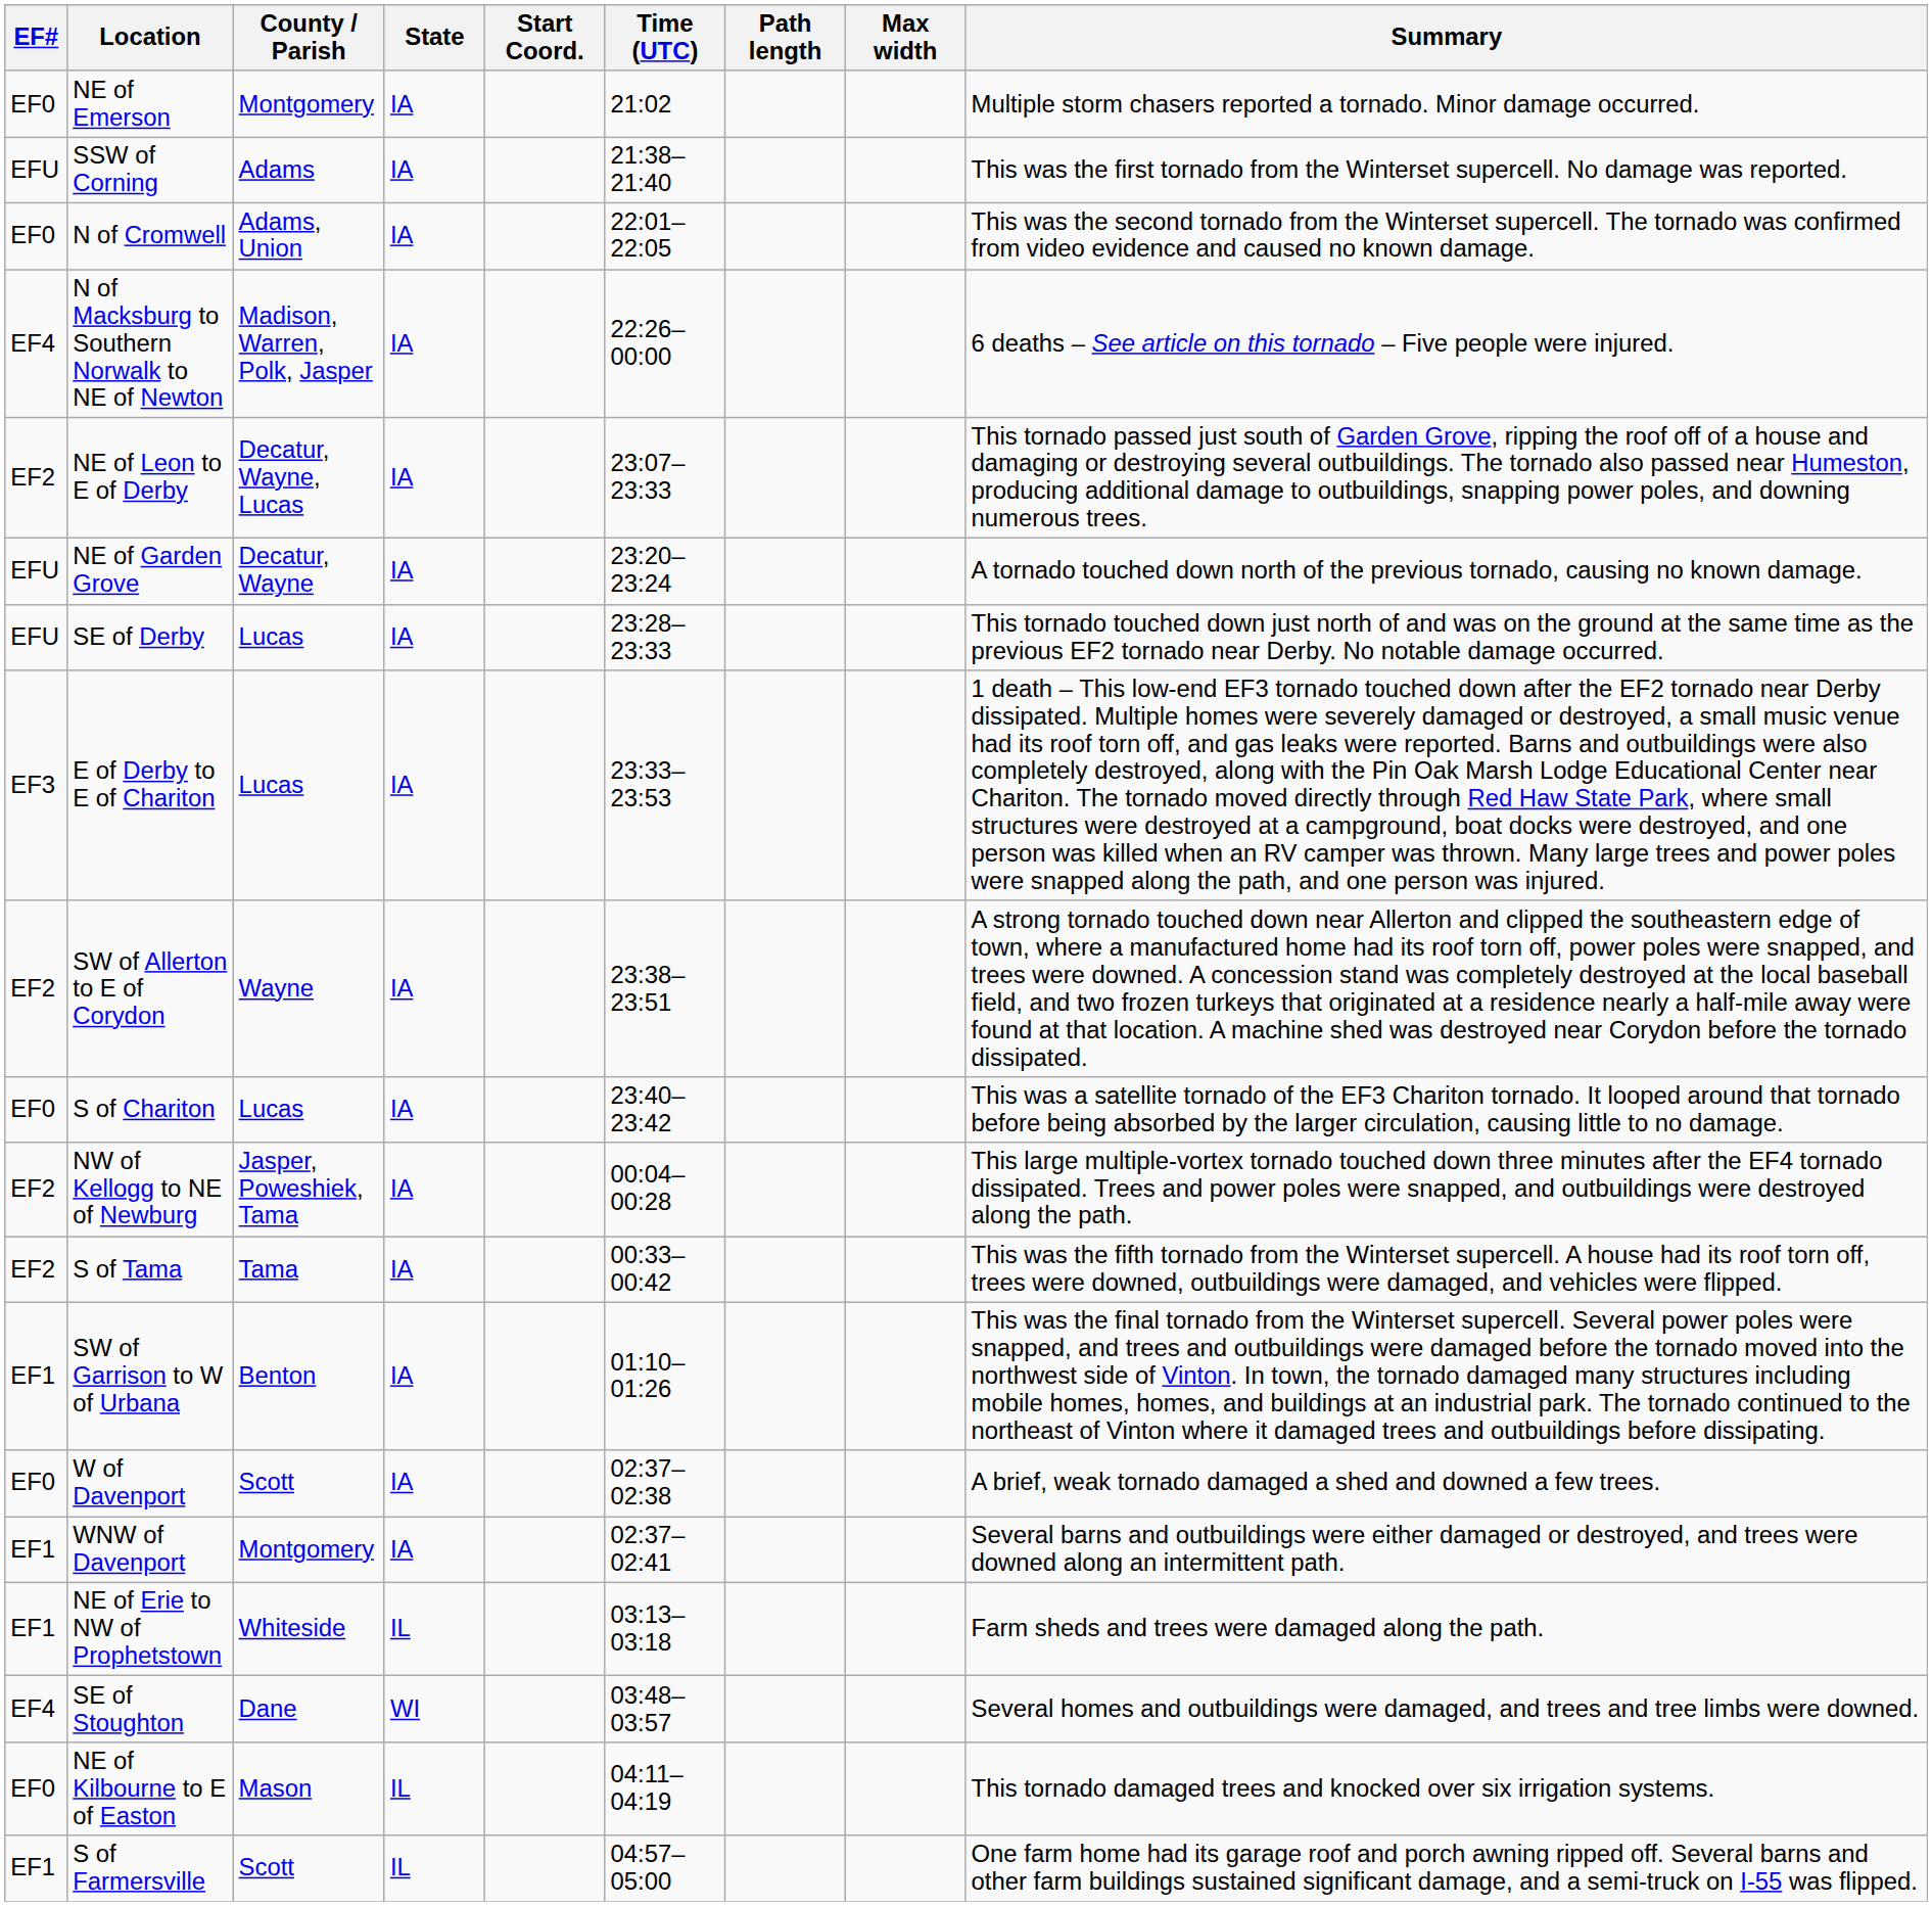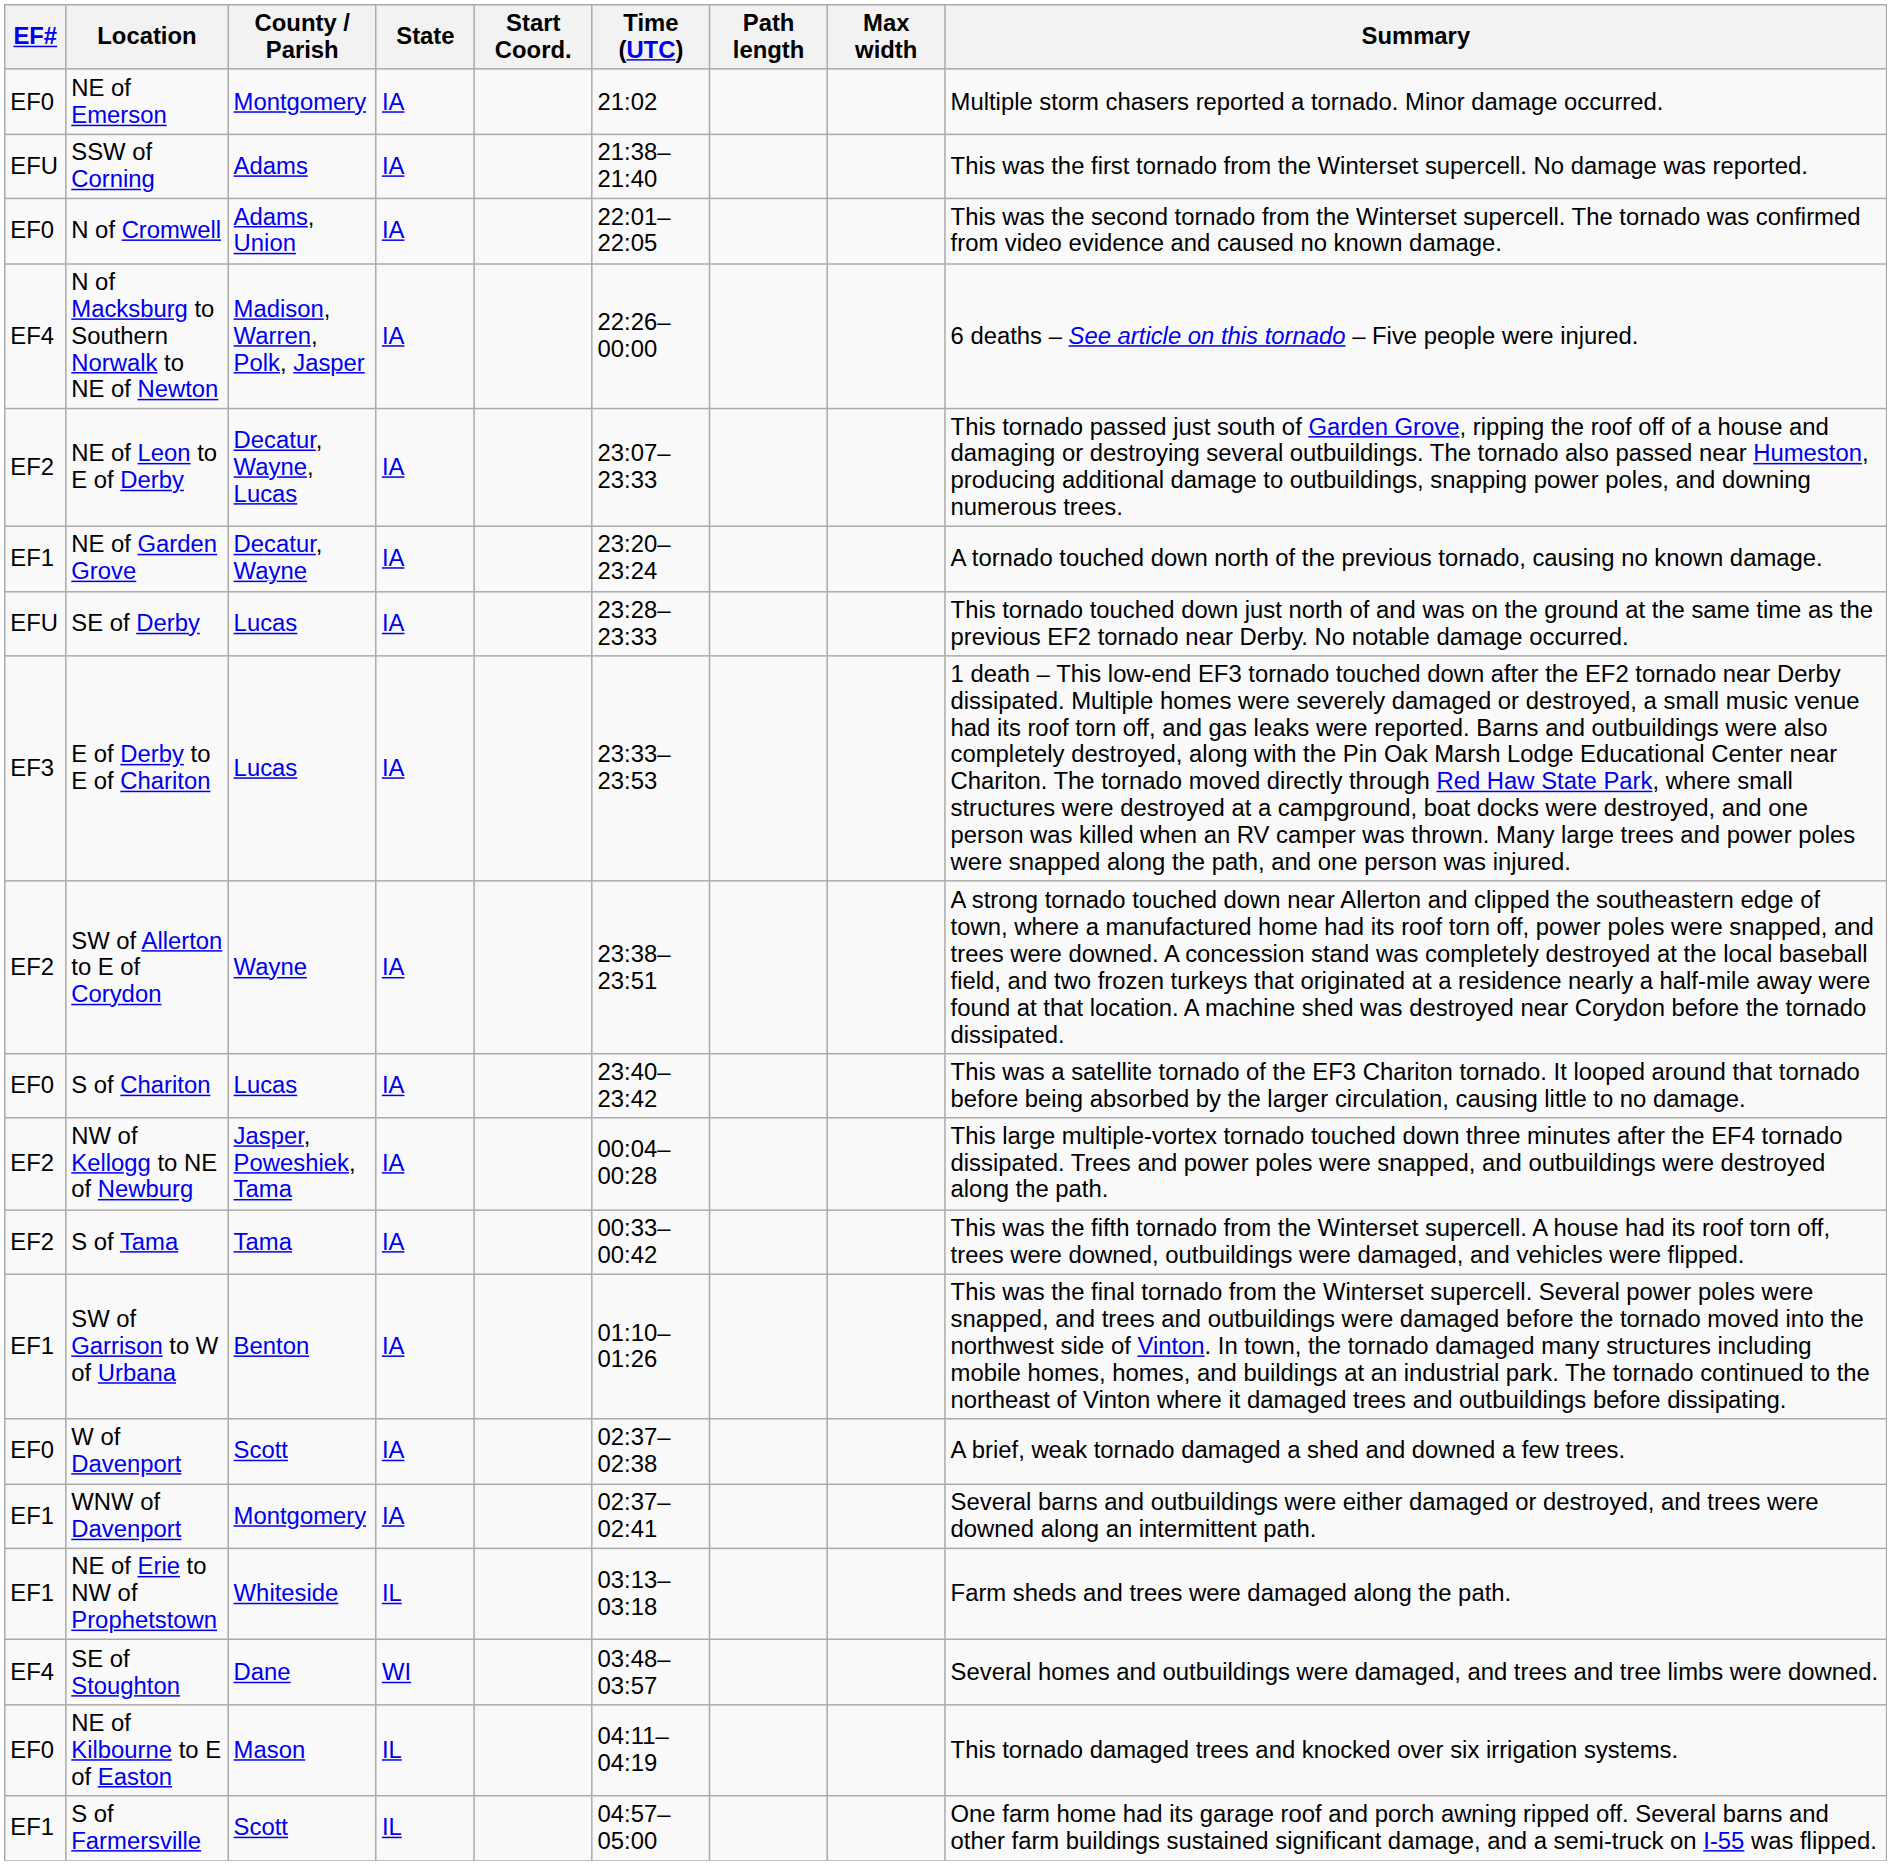 <table class="wikitable sortable" style="width:100%;">
 <tr>
 <th scope="col"  style="width:3%; text-align:center;"><a href='#'>EF#</a></th>
 <th scope="col"  style="width:7%; text-align:center;" class="unsortable">Location</th>
 <th scope="col"  style="width:6%; text-align:center;" class="unsortable">County / Parish</th>
 <th scope="col"  style="width:5%; text-align:center;">State</th>
 <th scope="col"  style="width:6%; text-align:center;">Start Coord.</th>
 <th scope="col"  style="width:6%; text-align:center;">Time (<a href='#'>UTC</a>)</th>
 <th scope="col"  style="width:6%; text-align:center;">Path length</th>
 <th scope="col"  style="width:6%; text-align:center;">Max width</th>
 <th scope="col" class="unsortable" style="width:48%; text-align:center;">Summary</th>
 </tr>
 <tr>
 <td>EF0</td>
 <td>NE of <a href='#'>Emerson</a></td>
 <td><a href='#'>Montgomery</a></td>
 <td><a href='#'>IA</a></td>
 <td></td>
 <td>21:02</td>
 <td></td>
 <td></td>
 <td>Multiple storm chasers reported a tornado. Minor damage occurred.</td>
 </tr>
 <tr>
 <td>EFU</td>
 <td>SSW of <a href='#'>Corning</a></td>
 <td><a href='#'>Adams</a></td>
 <td><a href='#'>IA</a></td>
 <td></td>
 <td>21:38–21:40</td>
 <td></td>
 <td></td>
 <td>This was the first tornado from the Winterset supercell. No damage was reported.</td>
 </tr>
 <tr>
 <td>EF0</td>
 <td>N of <a href='#'>Cromwell</a></td>
 <td><a href='#'>Adams</a>, <a href='#'>Union</a></td>
 <td><a href='#'>IA</a></td>
 <td></td>
 <td>22:01–22:05</td>
 <td></td>
 <td></td>
 <td>This was the second tornado from the Winterset supercell. The tornado was confirmed from video evidence and caused no known damage.</td>
 </tr>
 <tr>
 <td>EF4</td>
 <td>N of <a href='#'>Macksburg</a> to Southern <a href='#'>Norwalk</a> to NE of <a href='#'>Newton</a></td>
 <td><a href='#'>Madison</a>, <a href='#'>Warren</a>, <a href='#'>Polk</a>, <a href='#'>Jasper</a></td>
 <td><a href='#'>IA</a></td>
 <td></td>
 <td>22:26–00:00</td>
 <td></td>
 <td></td>
 <td>6 deaths – <em><a href='#'>See article on this tornado</a></em> – Five people were injured.</td>
 </tr>
 <tr>
 <td>EF2</td>
 <td>NE of <a href='#'>Leon</a> to E of <a href='#'>Derby</a></td>
 <td><a href='#'>Decatur</a>, <a href='#'>Wayne</a>, <a href='#'>Lucas</a></td>
 <td><a href='#'>IA</a></td>
 <td></td>
 <td>23:07–23:33</td>
 <td></td>
 <td></td>
 <td>This tornado passed just south of <a href='#'>Garden Grove</a>, ripping the roof off of a house and damaging or destroying several outbuildings. The tornado also passed near <a href='#'>Humeston</a>, producing additional damage to outbuildings, snapping power poles, and downing numerous trees.</td>
 </tr>
 <tr>
-<td>EFU</td>
+<td>EF1</td>
 <td>NE of <a href='#'>Garden Grove</a></td>
 <td><a href='#'>Decatur</a>, <a href='#'>Wayne</a></td>
 <td><a href='#'>IA</a></td>
 <td></td>
 <td>23:20–23:24</td>
 <td></td>
 <td></td>
 <td>A tornado touched down north of the previous tornado, causing no known damage.</td>
 </tr>
 <tr>
 <td>EFU</td>
 <td>SE of <a href='#'>Derby</a></td>
 <td><a href='#'>Lucas</a></td>
 <td><a href='#'>IA</a></td>
 <td></td>
 <td>23:28–23:33</td>
 <td></td>
 <td></td>
 <td>This tornado touched down just north of and was on the ground at the same time as the previous EF2 tornado near Derby. No notable damage occurred.</td>
 </tr>
 <tr>
 <td>EF3</td>
 <td>E of <a href='#'>Derby</a> to E of <a href='#'>Chariton</a></td>
 <td><a href='#'>Lucas</a></td>
 <td><a href='#'>IA</a></td>
 <td></td>
 <td>23:33–23:53</td>
 <td></td>
 <td></td>
 <td>1 death – This low-end EF3 tornado touched down after the EF2 tornado near Derby dissipated. Multiple homes were severely damaged or destroyed, a small music venue had its roof torn off, and gas leaks were reported. Barns and outbuildings were also completely destroyed, along with the Pin Oak Marsh Lodge Educational Center near Chariton. The tornado moved directly through <a href='#'>Red Haw State Park</a>, where small structures were destroyed at a campground, boat docks were destroyed, and one person was killed when an RV camper was thrown. Many large trees and power poles were snapped along the path, and one person was injured.</td>
 </tr>
 <tr>
 <td>EF2</td>
 <td>SW of <a href='#'>Allerton</a> to E of <a href='#'>Corydon</a></td>
 <td><a href='#'>Wayne</a></td>
 <td><a href='#'>IA</a></td>
 <td></td>
 <td>23:38–23:51</td>
 <td></td>
 <td></td>
 <td>A strong tornado touched down near Allerton and clipped the southeastern edge of town, where a manufactured home had its roof torn off, power poles were snapped, and trees were downed. A concession stand was completely destroyed at the local baseball field, and two frozen turkeys that originated at a residence nearly a half-mile away were found at that location. A machine shed was destroyed near Corydon before the tornado dissipated.</td>
 </tr>
 <tr>
 <td>EF0</td>
 <td>S of <a href='#'>Chariton</a></td>
 <td><a href='#'>Lucas</a></td>
 <td><a href='#'>IA</a></td>
 <td></td>
 <td>23:40–23:42</td>
 <td></td>
 <td></td>
 <td>This was a satellite tornado of the EF3 Chariton tornado. It looped around that tornado before being absorbed by the larger circulation, causing little to no damage.</td>
 </tr>
 <tr>
 <td>EF2</td>
 <td>NW of <a href='#'>Kellogg</a> to NE of <a href='#'>Newburg</a></td>
 <td><a href='#'>Jasper</a>, <a href='#'>Poweshiek</a>, <a href='#'>Tama</a></td>
 <td><a href='#'>IA</a></td>
 <td></td>
 <td>00:04–00:28</td>
 <td></td>
 <td></td>
 <td>This large multiple-vortex tornado touched down three minutes after the EF4 tornado dissipated. Trees and power poles were snapped, and outbuildings were destroyed along the path.</td>
 </tr>
 <tr>
 <td>EF2</td>
 <td>S of <a href='#'>Tama</a></td>
 <td><a href='#'>Tama</a></td>
 <td><a href='#'>IA</a></td>
 <td></td>
 <td>00:33–00:42</td>
 <td></td>
 <td></td>
 <td>This was the fifth tornado from the Winterset supercell. A house had its roof torn off, trees were downed, outbuildings were damaged, and vehicles were flipped.</td>
 </tr>
 <tr>
 <td>EF1</td>
 <td>SW of <a href='#'>Garrison</a> to W of <a href='#'>Urbana</a></td>
 <td><a href='#'>Benton</a></td>
 <td><a href='#'>IA</a></td>
 <td></td>
 <td>01:10–01:26</td>
 <td></td>
 <td></td>
 <td>This was the final tornado from the Winterset supercell. Several power poles were snapped, and trees and outbuildings were damaged before the tornado moved into the northwest side of <a href='#'>Vinton</a>. In town, the tornado damaged many structures including mobile homes, homes, and buildings at an industrial park. The tornado continued to the northeast of Vinton where it damaged trees and outbuildings before dissipating.</td>
 </tr>
 <tr>
 <td>EF0</td>
 <td>W of <a href='#'>Davenport</a></td>
 <td><a href='#'>Scott</a></td>
 <td><a href='#'>IA</a></td>
 <td></td>
 <td>02:37–02:38</td>
 <td></td>
 <td></td>
 <td>A brief, weak tornado damaged a shed and downed a few trees.</td>
 </tr>
 <tr>
 <td>EF1</td>
 <td>WNW of <a href='#'>Davenport</a></td>
 <td><a href='#'>Montgomery</a></td>
 <td><a href='#'>IA</a></td>
 <td></td>
 <td>02:37–02:41</td>
 <td></td>
 <td></td>
 <td>Several barns and outbuildings were either damaged or destroyed, and trees were downed along an intermittent path.</td>
 </tr>
 <tr>
 <td>EF1</td>
 <td>NE of <a href='#'>Erie</a> to NW of <a href='#'>Prophetstown</a></td>
 <td><a href='#'>Whiteside</a></td>
 <td><a href='#'>IL</a></td>
 <td></td>
 <td>03:13–03:18</td>
 <td></td>
 <td></td>
 <td>Farm sheds and trees were damaged along the path.</td>
 </tr>
 <tr>
 <td>EF4</td>
 <td>SE of <a href='#'>Stoughton</a></td>
 <td><a href='#'>Dane</a></td>
 <td><a href='#'>WI</a></td>
 <td></td>
 <td>03:48–03:57</td>
 <td></td>
 <td></td>
 <td>Several homes and outbuildings were damaged, and trees and tree limbs were downed.</td>
 </tr>
 <tr>
 <td>EF0</td>
 <td>NE of <a href='#'>Kilbourne</a> to E of <a href='#'>Easton</a></td>
 <td><a href='#'>Mason</a></td>
 <td><a href='#'>IL</a></td>
 <td></td>
 <td>04:11–04:19</td>
 <td></td>
 <td></td>
 <td>This tornado damaged trees and knocked over six irrigation systems.</td>
 </tr>
 <tr>
 <td>EF1</td>
 <td>S of <a href='#'>Farmersville</a></td>
 <td><a href='#'>Scott</a></td>
 <td><a href='#'>IL</a></td>
 <td></td>
 <td>04:57–05:00</td>
 <td></td>
 <td></td>
 <td>One farm home had its garage roof and porch awning ripped off. Several barns and other farm buildings sustained significant damage, and a semi-truck on <a href='#'>I-55</a> was flipped.</td>
 </tr>
 <tr>
 </tr>
 </table>
